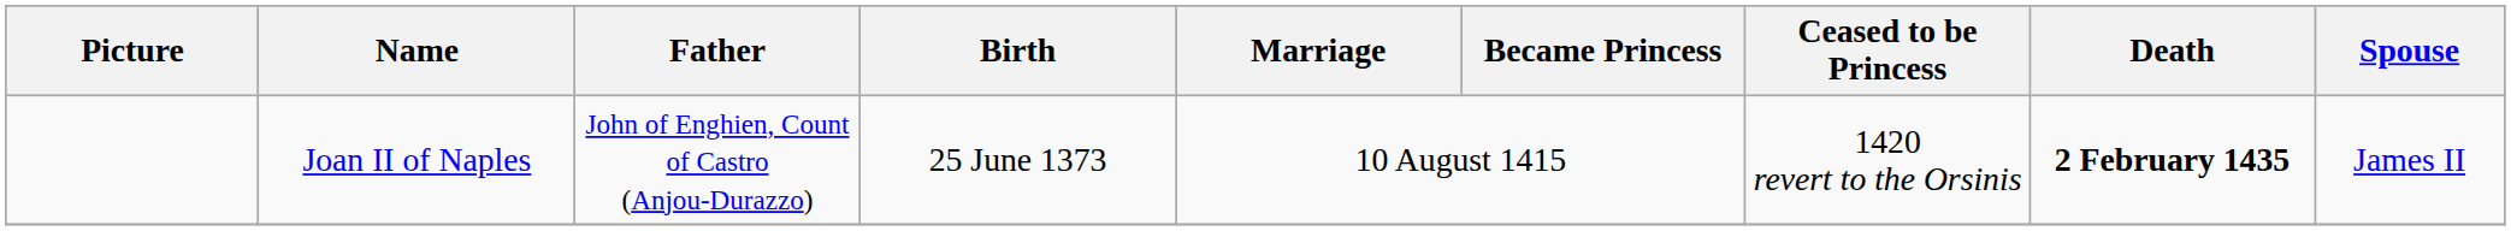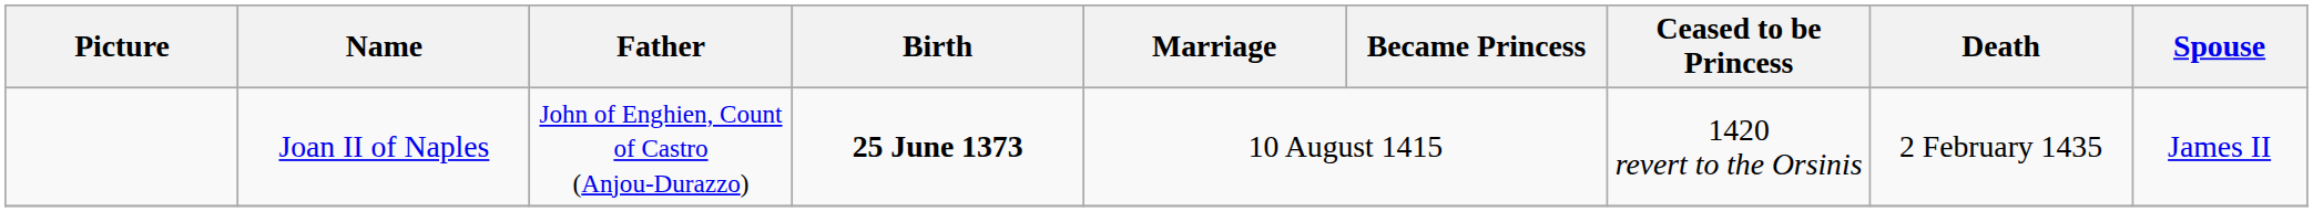 <table width=95% class="wikitable">
 <tr>
 <th width = "8%">Picture</th>
 <th width = "10%">Name</th>
 <th width = "9%">Father</th>
 <th width = "10%">Birth</th>
 <th width = "9%">Marriage</th>
 <th width = "9%">Became Princess</th>
 <th width = "9%">Ceased to be Princess</th>
 <th width = "9%">Death</th>
 <th width = "6%"><a href='#'>Spouse</a></th>
 </tr>
 <tr>
 <td align="center"></td>
 <td align="center"><a href='#'>Joan II of Naples</a></td>
 <td align="center"><small><a href='#'>John of Enghien, Count of Castro</a><br>(<a href='#'>Anjou-Durazzo</a>)</small></td>
-<td align="center">25 June 1373</td>
+<td align="center"><strong>25 June 1373</strong></td>
 <td align="center" colspan="2">10 August 1415</td>
 <td align="center">1420<br><em>revert to the Orsinis</em></td>
-<td align="center"><strong>2 February 1435</strong></td>
+<td align="center">2 February 1435</td>
 <td align="center"><a href='#'>James II</a></td>
 </tr>
 <tr>
 </tr>
 </table>
